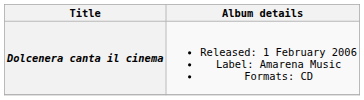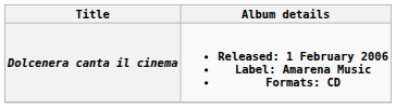 <table class="wikitable plainrowheaders" style="text-align:center;" border="1">
 <tr>
 <th scope="column">Title</th>
 <th scope="column">Album details</th>
 </tr>
 <tr>
 <th scope="row"><em>Dolcenera canta il cinema</em></th>
-<td><br><ul><li>Released: 1 February 2006</li><li>Label: Amarena Music</li><li>Formats: CD</li></ul></td>
+<td><strong><br><ul><li>Released: 1 February 2006</li><li>Label: Amarena Music</li><li>Formats: CD</li></ul></strong></td>
 </tr>
 <tr>
 </tr>
 </table>
